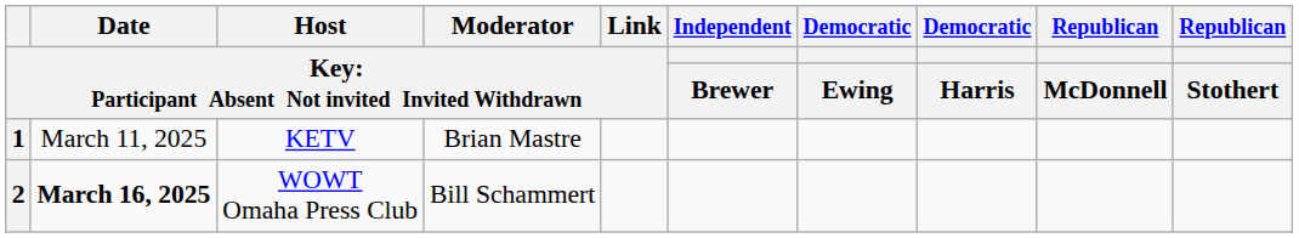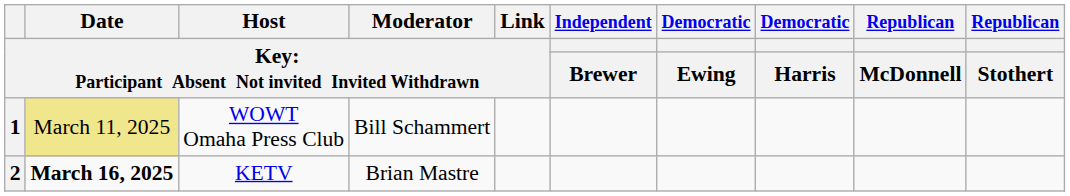 <table class="wikitable" style="text-align:center;">
 <tr>
 <th scope="col"></th>
 <th scope="col">Date</th>
 <th scope="col">Host</th>
 <th scope="col">Moderator</th>
 <th scope="col">Link</th>
 <th scope="col"><small><a href='#'>Independent</a></small></th>
 <th scope="col"><small><a href='#'>Democratic</a></small></th>
 <th scope="col"><small><a href='#'>Democratic</a></small></th>
 <th scope="col"><small><a href='#'>Republican</a></small></th>
 <th scope="col"><small><a href='#'>Republican</a></small></th>
 </tr>
 <tr>
 <th colspan="5" rowspan="2">Key:<br> <small>Participant </small>  <small>Absent </small>  <small>Not invited </small>  <small>Invited  Withdrawn</small></th>
 <th scope="col" style="background:"></th>
 <th scope="col" style="background:"></th>
 <th scope="col" style="background:"></th>
 <th scope="col" style="background:"></th>
 <th scope="col" style="background:"></th>
 </tr>
 <tr>
 <th scope="col">Brewer</th>
 <th scope="col">Ewing</th>
 <th scope="col">Harris</th>
 <th scope="col">McDonnell</th>
 <th scope="col">Stothert</th>
 </tr>
 <tr>
 <th>1</th>
-<td style="white-space:nowrap;">March 11, 2025</td>
-<td style="white-space:nowrap;"><a href='#'>KETV</a></td>
-<td style="white-space:nowrap;">Brian Mastre</td>
+<td style="background: khaki; white-space:nowrap;">March 11, 2025</td>
+<td style="white-space:nowrap;"><a href='#'>WOWT</a><br>Omaha Press Club</td>
+<td style="white-space:nowrap;">Bill Schammert</td>
 <td style="white-space:nowrap;"></td>
 <td></td>
 <td></td>
 <td></td>
 <td></td>
 <td></td>
 </tr>
 <tr>
 <th>2</th>
 <td style="white-space:nowrap;"><strong>March 16, 2025</strong></td>
-<td style="white-space:nowrap;"><a href='#'>WOWT</a><br>Omaha Press Club</td>
-<td style="white-space:nowrap;">Bill Schammert</td>
+<td style="white-space:nowrap;"><a href='#'>KETV</a></td>
+<td style="white-space:nowrap;">Brian Mastre</td>
 <td style="white-space:nowrap;"></td>
 <td></td>
 <td></td>
 <td></td>
 <td></td>
 <td></td>
 </tr>
 </table>
